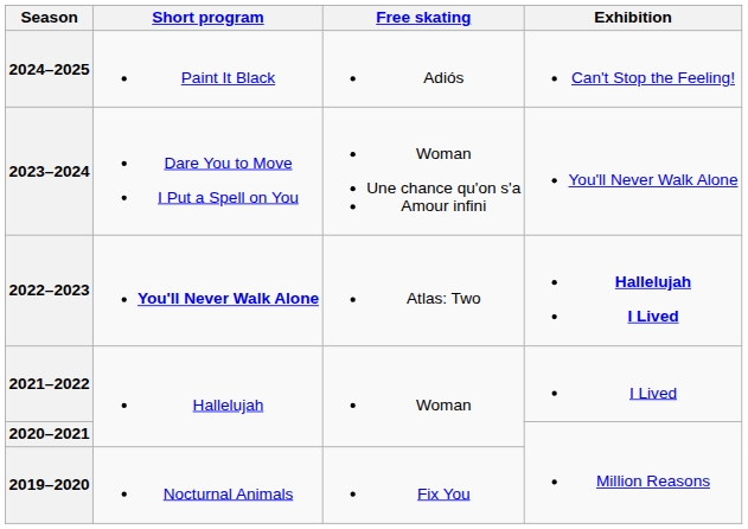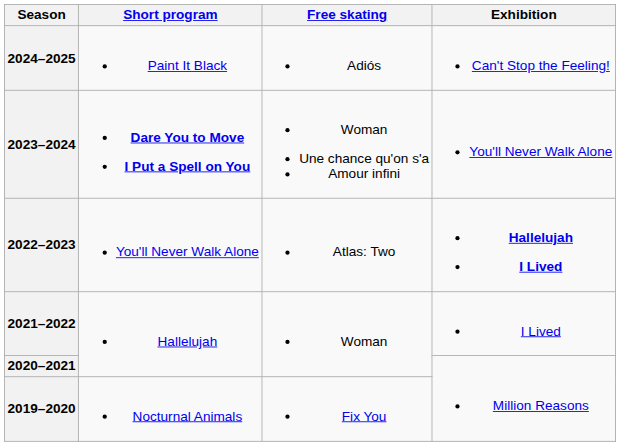 <table class=wikitable style=text-align:center>
 <tr>
 <th>Season</th>
 <th><a href='#'>Short program</a></th>
 <th><a href='#'>Free skating</a></th>
 <th>Exhibition</th>
 </tr>
 <tr>
 <th>2024–2025 <br> </th>
 <td><br><ul><li><a href='#'>Paint It Black</a> <br> </li></ul></td>
 <td><br><ul><li>Adiós <br></li></ul></td>
 <td><br><ul><li><a href='#'>Can't Stop the Feeling!</a> <br> </li></ul></td>
 </tr>
 <tr>
 <th>2023–2024 <br> </th>
-<td><br><ul><li><a href='#'>Dare You to Move</a> <br> </li></ul><ul><li><a href='#'>I Put a Spell on You</a> <br> </li></ul></td>
+<td><strong><br><ul><li><a href='#'>Dare You to Move</a> <br> </li></ul><ul><li><a href='#'>I Put a Spell on You</a> <br> </li></ul></strong></td>
 <td><br><ul><li>Woman <br></li></ul><ul><li>Une chance qu'on s'a <br> </li><li>Amour infini <br> </li></ul></td>
 <td><br><ul><li><a href='#'>You'll Never Walk Alone</a> <br> </li></ul></td>
 </tr>
 <tr>
 <th>2022–2023 <br> </th>
-<td><strong><br><ul><li><a href='#'>You'll Never Walk Alone</a> <br> </li></ul></strong></td>
+<td><br><ul><li><a href='#'>You'll Never Walk Alone</a> <br> </li></ul></td>
 <td><br><ul><li>Atlas: Two <br> </li></ul></td>
 <td><strong><br><ul><li><a href='#'>Hallelujah</a><br></li></ul><ul><li><a href='#'>I Lived</a> <br></li></ul></strong></td>
 </tr>
 <tr>
 <th>2021–2022 <br></th>
 <td rowspan="2"><br><ul><li><a href='#'>Hallelujah</a><br></li></ul></td>
 <td rowspan="2"><br><ul><li>Woman <br></li></ul></td>
 <td><br><ul><li><a href='#'>I Lived</a> <br></li></ul></td>
 </tr>
 <tr>
 <th>2020–2021 <br> </th>
 <td rowspan=2><br><ul><li><a href='#'>Million Reasons</a> <br></li></ul></td>
 </tr>
 <tr>
 <th>2019–2020 <br> </th>
 <td><br><ul><li><a href='#'>Nocturnal Animals</a> <br> </li></ul></td>
 <td><br><ul><li><a href='#'>Fix You</a> <br></li></ul></td>
 </tr>
 </table>
